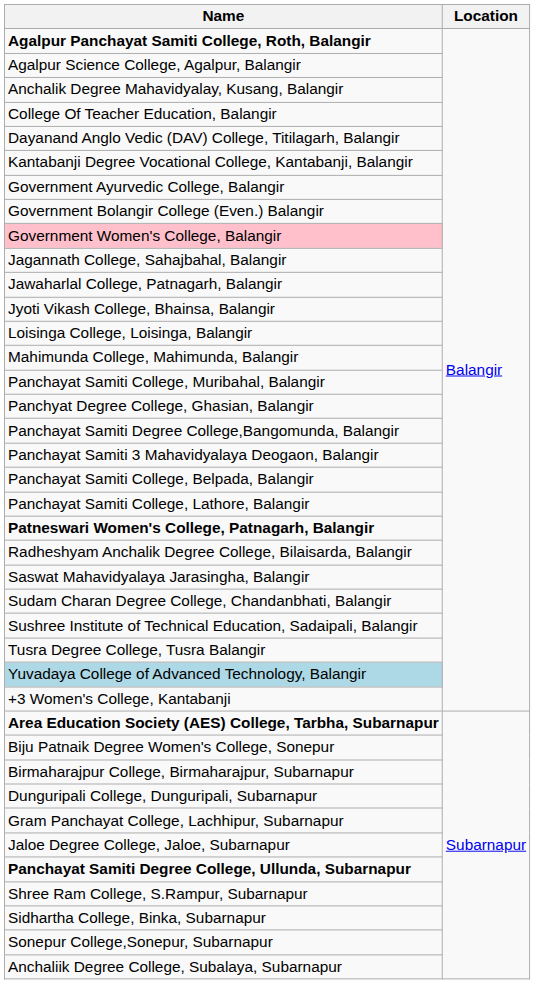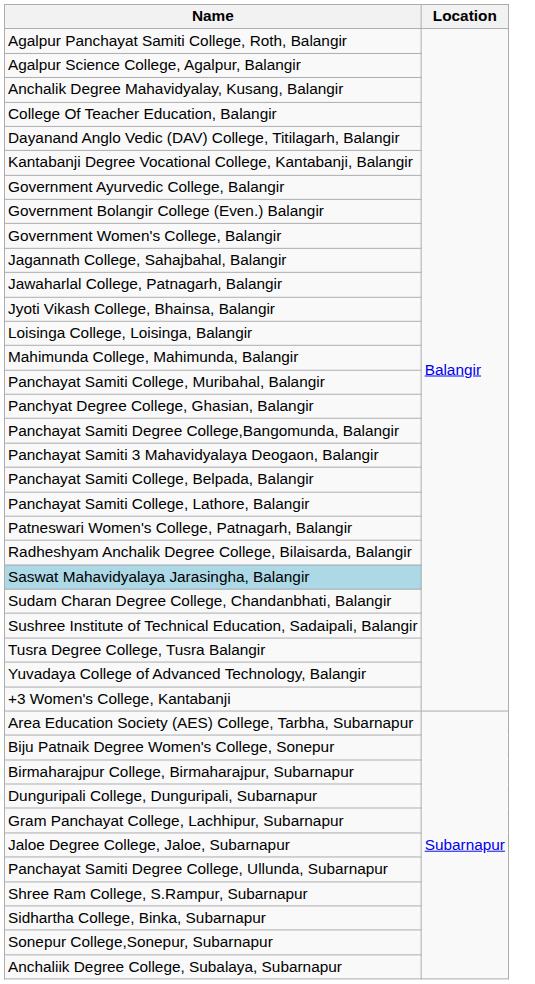 <table class="wikitable sortable">
 <tr>
 <th>Name</th>
 <th>Location</th>
 </tr>
 <tr>
-<td><strong>Agalpur Panchayat Samiti College, Roth, Balangir</strong></td>
+<td>Agalpur Panchayat Samiti College, Roth, Balangir</td>
 <td rowspan="28"><a href='#'>Balangir</a></td>
 </tr>
 <tr>
 <td>Agalpur Science College, Agalpur, Balangir</td>
 </tr>
 <tr>
 <td>Anchalik Degree Mahavidyalay, Kusang, Balangir</td>
 </tr>
 <tr>
 <td>College Of Teacher Education, Balangir</td>
 </tr>
 <tr>
 <td>Dayanand Anglo Vedic (DAV) College, Titilagarh, Balangir</td>
 </tr>
 <tr>
 <td>Kantabanji Degree Vocational College, Kantabanji, Balangir</td>
 </tr>
 <tr>
 <td>Government Ayurvedic College, Balangir</td>
 </tr>
 <tr>
 <td>Government Bolangir College (Even.) Balangir</td>
 </tr>
 <tr>
-<td style="background: pink;">Government Women's College, Balangir</td>
+<td>Government Women's College, Balangir</td>
 </tr>
 <tr>
 <td>Jagannath College, Sahajbahal, Balangir</td>
 </tr>
 <tr>
 <td>Jawaharlal College, Patnagarh, Balangir</td>
 </tr>
 <tr>
 <td>Jyoti Vikash College, Bhainsa, Balangir</td>
 </tr>
 <tr>
 <td>Loisinga College, Loisinga, Balangir</td>
 </tr>
 <tr>
 <td>Mahimunda College, Mahimunda, Balangir</td>
 </tr>
 <tr>
 <td>Panchayat Samiti College, Muribahal, Balangir</td>
 </tr>
 <tr>
 <td>Panchyat Degree College, Ghasian, Balangir</td>
 </tr>
 <tr>
 <td>Panchayat Samiti Degree College,Bangomunda, Balangir</td>
 </tr>
 <tr>
 <td>Panchayat Samiti 3 Mahavidyalaya Deogaon, Balangir</td>
 </tr>
 <tr>
 <td>Panchayat Samiti College, Belpada, Balangir</td>
 </tr>
 <tr>
 <td>Panchayat Samiti College, Lathore, Balangir</td>
 </tr>
 <tr>
-<td><strong>Patneswari Women's College, Patnagarh, Balangir</strong></td>
+<td>Patneswari Women's College, Patnagarh, Balangir</td>
 </tr>
 <tr>
 <td>Radheshyam Anchalik Degree College, Bilaisarda, Balangir</td>
 </tr>
 <tr>
-<td>Saswat Mahavidyalaya Jarasingha, Balangir</td>
+<td style="background: lightblue;">Saswat Mahavidyalaya Jarasingha, Balangir</td>
 </tr>
 <tr>
 <td>Sudam Charan Degree College, Chandanbhati, Balangir</td>
 </tr>
 <tr>
 <td>Sushree Institute of Technical Education, Sadaipali, Balangir</td>
 </tr>
 <tr>
 <td>Tusra Degree College, Tusra Balangir</td>
 </tr>
 <tr>
-<td style="background: lightblue;">Yuvadaya College of Advanced Technology, Balangir</td>
+<td>Yuvadaya College of Advanced Technology, Balangir</td>
 </tr>
 <tr>
 <td>+3 Women's College, Kantabanji</td>
 </tr>
 <tr>
-<td><strong>Area Education Society (AES) College, Tarbha, Subarnapur</strong></td>
+<td>Area Education Society (AES) College, Tarbha, Subarnapur</td>
 <td rowspan="11"><a href='#'>Subarnapur</a></td>
 </tr>
 <tr>
 <td>Biju Patnaik Degree Women's College, Sonepur</td>
 </tr>
 <tr>
 <td>Birmaharajpur College, Birmaharajpur, Subarnapur</td>
 </tr>
 <tr>
 <td>Dunguripali College, Dunguripali, Subarnapur</td>
 </tr>
 <tr>
 <td>Gram Panchayat College, Lachhipur, Subarnapur</td>
 </tr>
 <tr>
 <td>Jaloe Degree College, Jaloe, Subarnapur</td>
 </tr>
 <tr>
-<td><strong>Panchayat Samiti Degree College, Ullunda, Subarnapur</strong></td>
+<td>Panchayat Samiti Degree College, Ullunda, Subarnapur</td>
 </tr>
 <tr>
 <td>Shree Ram College, S.Rampur, Subarnapur</td>
 </tr>
 <tr>
 <td>Sidhartha College, Binka, Subarnapur</td>
 </tr>
 <tr>
 <td>Sonepur College,Sonepur, Subarnapur</td>
 </tr>
 <tr>
 <td>Anchaliik Degree College, Subalaya, Subarnapur</td>
 </tr>
 </table>
